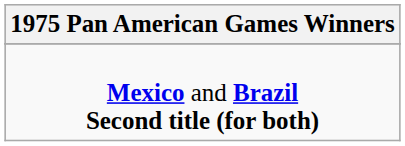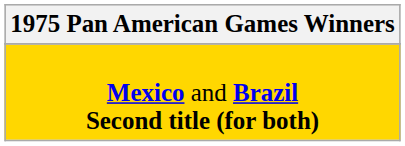 <table class="wikitable" style="text-align: center; margin: 0 auto;">
 <tr>
 <th>1975 Pan American Games Winners</th>
 </tr>
 <tr>
 </tr>
 <tr>
-<td align=center> <br><strong><a href='#'>Mexico</a></strong> and <strong><a href='#'>Brazil</a></strong><br><strong>Second title (for both)</strong></td>
+<td align=center style="background: gold;"> <br><strong><a href='#'>Mexico</a></strong> and <strong><a href='#'>Brazil</a></strong><br><strong>Second title (for both)</strong></td>
 </tr>
 </table>
